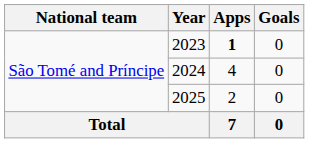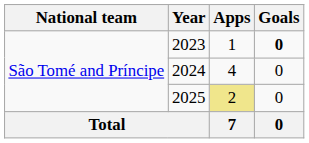 <table class="wikitable" style="text-align: center;">
 <tr>
 <th>National team</th>
 <th>Year</th>
 <th>Apps</th>
 <th>Goals</th>
 </tr>
 <tr>
 <td rowspan="3"><a href='#'>São Tomé and Príncipe</a></td>
 <td>2023</td>
-<td><strong>1</strong></td>
-<td>0</td>
+<td>1</td>
+<td><strong>0</strong></td>
 </tr>
 <tr>
 <td>2024</td>
 <td>4</td>
 <td>0</td>
 </tr>
 <tr>
 <td>2025</td>
-<td>2</td>
+<td style="background: khaki;">2</td>
 <td>0</td>
 </tr>
 <tr>
 <th colspan="2">Total</th>
 <th>7</th>
 <th>0</th>
 </tr>
 </table>
